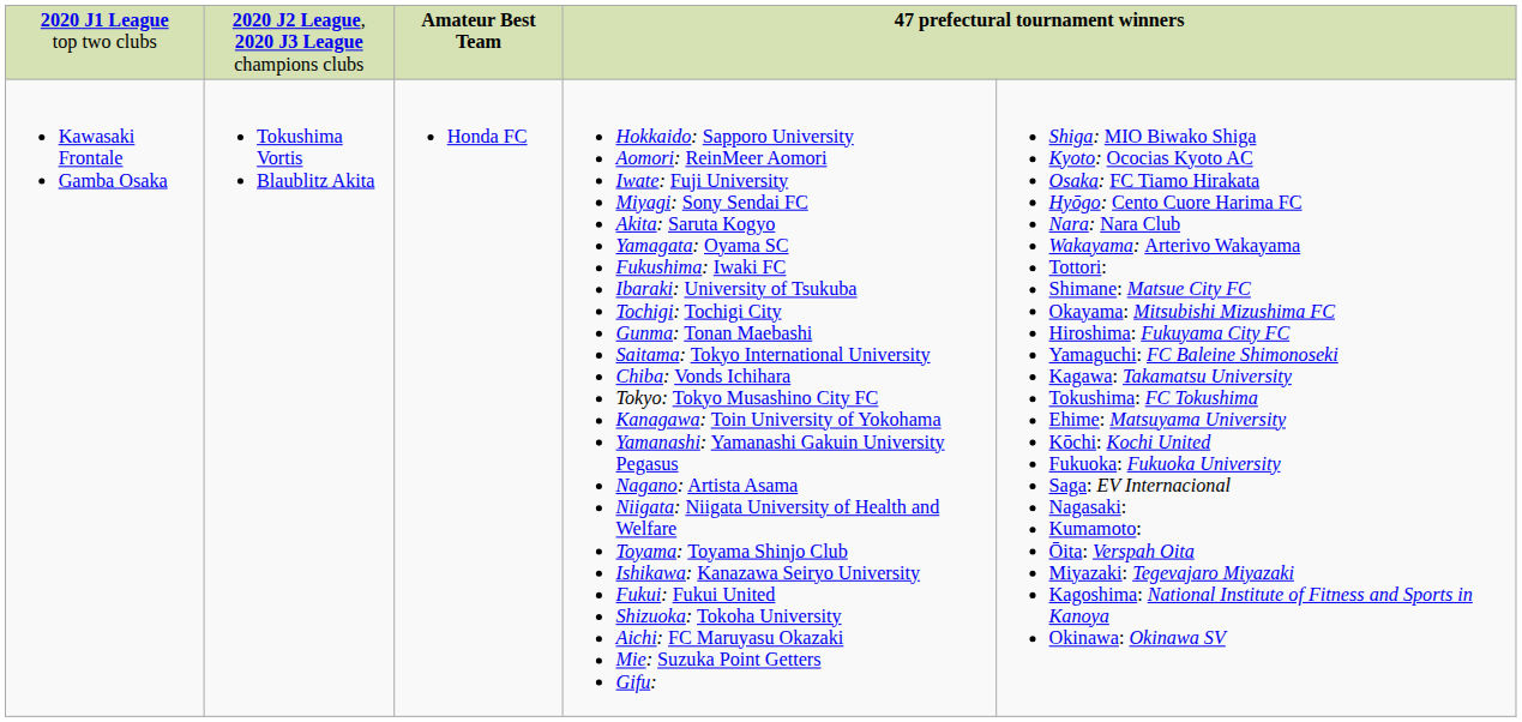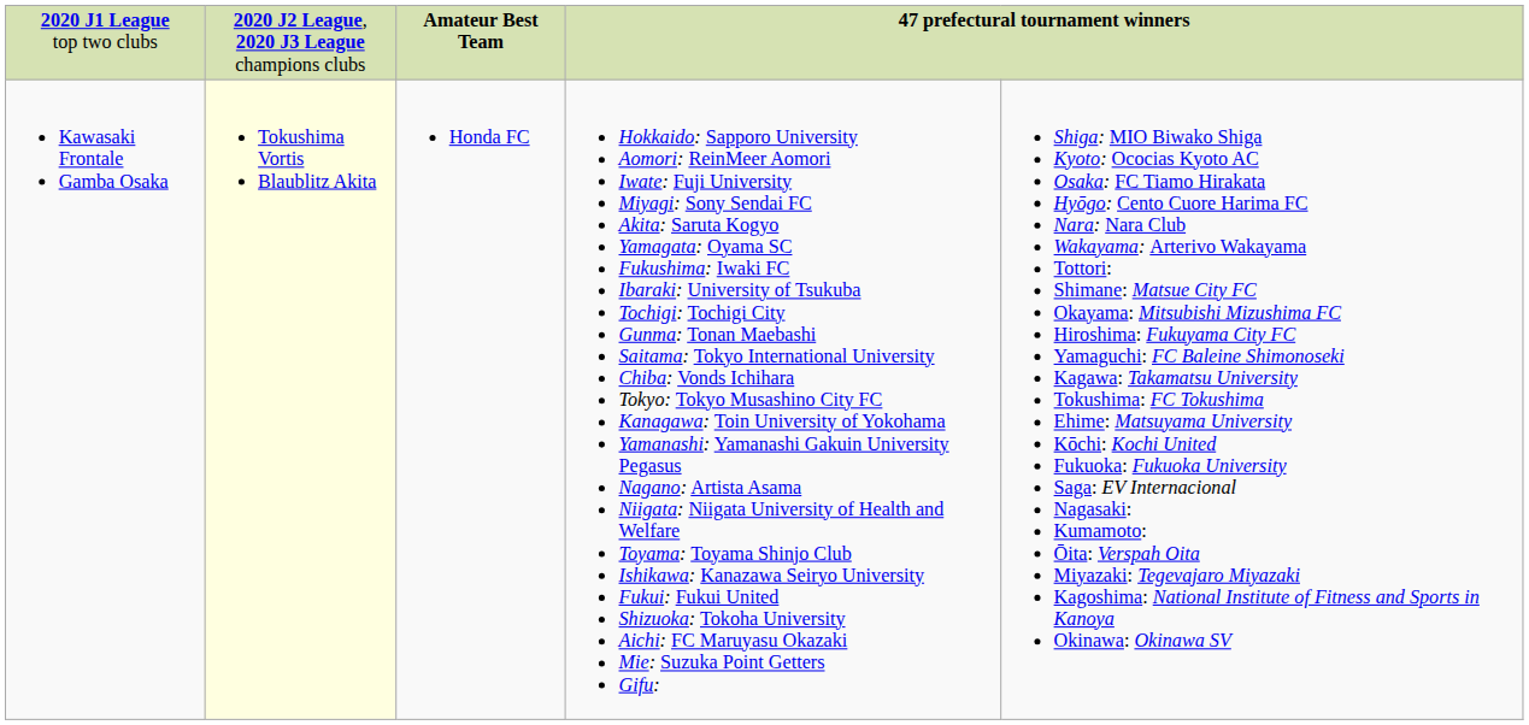 <table class="wikitable">
 <tr style="vertical-align:top; background:#d6e2b3; text-align:center;">
 <td><strong><a href='#'>2020 J1 League</a></strong><br>top two clubs</td>
 <td><strong><a href='#'>2020 J2 League</a></strong>,<br><strong><a href='#'>2020 J3 League</a></strong><br>champions clubs</td>
 <td><strong>Amateur Best Team</strong></td>
 <td colspan="2"><strong>47 prefectural tournament winners</strong><br></td>
 </tr>
 <tr valign="top">
 <td><br><ul><li><a href='#'>Kawasaki Frontale</a></li><li><a href='#'>Gamba Osaka</a></li></ul></td>
-<td><br><ul><li><a href='#'>Tokushima Vortis</a></li><li><a href='#'>Blaublitz Akita</a></li></ul></td>
+<td style="background: lightyellow;"><br><ul><li><a href='#'>Tokushima Vortis</a></li><li><a href='#'>Blaublitz Akita</a></li></ul></td>
 <td><br><ul><li><a href='#'>Honda FC</a></li></ul></td>
 <td><br><ul><li><em><a href='#'>Hokkaido</a>:</em> <a href='#'>Sapporo University</a></li><li><em><a href='#'>Aomori</a>:</em> <a href='#'>ReinMeer Aomori</a></li><li><em><a href='#'>Iwate</a>:</em> <a href='#'>Fuji University</a></li><li><em><a href='#'>Miyagi</a>:</em> <a href='#'>Sony Sendai FC</a></li><li><em><a href='#'>Akita</a>:</em> <a href='#'>Saruta Kogyo</a></li><li><em><a href='#'>Yamagata</a>:</em> <a href='#'>Oyama SC</a></li><li><em><a href='#'>Fukushima</a>:</em> <a href='#'>Iwaki FC</a></li><li><em><a href='#'>Ibaraki</a>:</em> <a href='#'>University of Tsukuba</a></li><li><em><a href='#'>Tochigi</a>:</em> <a href='#'>Tochigi City</a></li><li><em><a href='#'>Gunma</a>:</em> <a href='#'>Tonan Maebashi</a></li><li><em><a href='#'>Saitama</a>:</em> <a href='#'>Tokyo International University</a></li><li><em><a href='#'>Chiba</a>:</em> <a href='#'>Vonds Ichihara</a></li><li><em>Tokyo:</em> <a href='#'>Tokyo Musashino City FC</a></li><li><em><a href='#'>Kanagawa</a>:</em> <a href='#'>Toin University of Yokohama</a></li><li><em><a href='#'>Yamanashi</a>:</em> <a href='#'>Yamanashi Gakuin University Pegasus</a> </li><li><em><a href='#'>Nagano</a>:</em> <a href='#'>Artista Asama</a></li><li><em><a href='#'>Niigata</a>:</em> <a href='#'>Niigata University of Health and Welfare</a></li><li><em><a href='#'>Toyama</a>:</em> <a href='#'>Toyama Shinjo Club</a></li><li><em><a href='#'>Ishikawa</a>:</em> <a href='#'>Kanazawa Seiryo University</a></li><li><em><a href='#'>Fukui</a>:</em> <a href='#'>Fukui United</a></li><li><em><a href='#'>Shizuoka</a>:</em> <a href='#'>Tokoha University</a></li><li><em><a href='#'>Aichi</a>:</em> <a href='#'>FC Maruyasu Okazaki</a></li><li><em><a href='#'>Mie</a>:</em> <a href='#'>Suzuka Point Getters</a></li><li><em><a href='#'>Gifu</a>:</em> </li></ul></td>
 <td><br><ul><li><em><a href='#'>Shiga</a>:</em> <a href='#'>MIO Biwako Shiga</a></li><li><em><a href='#'>Kyoto</a>:</em> <a href='#'>Ococias Kyoto AC</a></li><li><em><a href='#'>Osaka</a>:</em> <a href='#'>FC Tiamo Hirakata</a></li><li><em><a href='#'>Hyōgo</a>:</em>  <a href='#'>Cento Cuore Harima FC</a></li><li><em><a href='#'>Nara</a>:</em> <a href='#'>Nara Club</a></li><li><em><a href='#'>Wakayama</a>: </em><a href='#'>Arterivo Wakayama</a><em></li><li></em><a href='#'>Tottori</a>:<em> </li><li></em><a href='#'>Shimane</a>:<em> <a href='#'>Matsue City FC</a></li><li></em><a href='#'>Okayama</a>:<em> <a href='#'>Mitsubishi Mizushima FC</a></li><li></em><a href='#'>Hiroshima</a>:<em>  <a href='#'>Fukuyama City FC</a></li><li></em><a href='#'>Yamaguchi</a>:<em> <a href='#'>FC Baleine Shimonoseki</a></li><li></em><a href='#'>Kagawa</a>:<em> <a href='#'>Takamatsu University</a></li><li></em><a href='#'>Tokushima</a>:<em> <a href='#'>FC Tokushima</a></li><li></em><a href='#'>Ehime</a>:<em> <a href='#'>Matsuyama University</a></li><li></em><a href='#'>Kōchi</a>:<em> <a href='#'>Kochi United</a></li><li></em><a href='#'>Fukuoka</a>:<em> <a href='#'>Fukuoka University</a></li><li></em><a href='#'>Saga</a>:<em> EV Internacional</li><li></em><a href='#'>Nagasaki</a>:<em> </li><li></em><a href='#'>Kumamoto</a>:<em> </li><li></em><a href='#'>Ōita</a>:<em> <a href='#'>Verspah Oita</a></li><li></em><a href='#'>Miyazaki</a>:<em> <a href='#'>Tegevajaro Miyazaki</a></li><li></em><a href='#'>Kagoshima</a>:<em> <a href='#'>National Institute of Fitness and Sports in Kanoya</a></li><li></em><a href='#'>Okinawa</a>:<em> <a href='#'>Okinawa SV</a></li></ul></td>
 </tr>
 </table>
